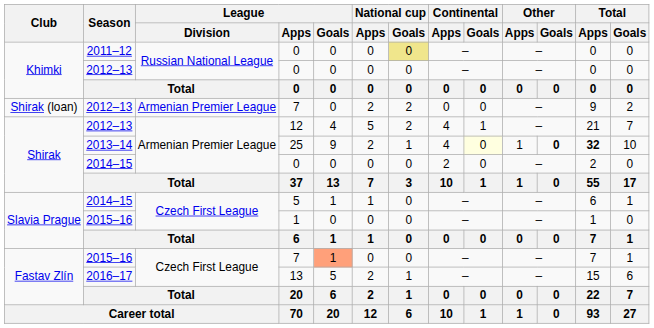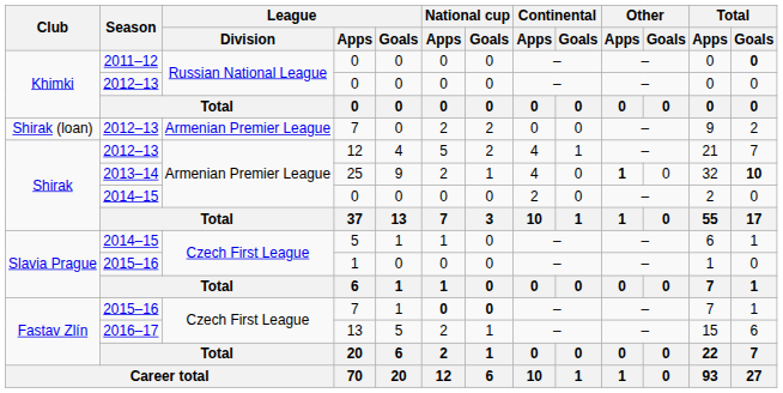 <table class="wikitable" style="text-align: center">
 <tr>
 <th rowspan="2">Club</th>
 <th rowspan="2">Season</th>
 <th colspan="3">League</th>
 <th colspan="2">National cup</th>
 <th colspan="2">Continental</th>
 <th colspan="2">Other</th>
 <th colspan="2">Total</th>
 </tr>
 <tr>
 <th>Division</th>
 <th>Apps</th>
 <th>Goals</th>
 <th>Apps</th>
 <th>Goals</th>
 <th>Apps</th>
 <th>Goals</th>
 <th>Apps</th>
 <th>Goals</th>
 <th>Apps</th>
 <th>Goals</th>
 </tr>
 <tr>
 <td rowspan="3"><a href='#'>Khimki</a></td>
 <td><a href='#'>2011–12</a></td>
 <td rowspan="2"><a href='#'>Russian National League</a></td>
 <td>0</td>
 <td>0</td>
 <td>0</td>
-<td style="background: khaki;">0</td>
+<td>0</td>
 <td colspan="2">–</td>
 <td colspan="2">–</td>
 <td>0</td>
-<td>0</td>
+<td><strong>0</strong></td>
 </tr>
 <tr>
 <td><a href='#'>2012–13</a></td>
 <td>0</td>
 <td>0</td>
 <td>0</td>
 <td>0</td>
 <td colspan="2">–</td>
 <td colspan="2">–</td>
 <td>0</td>
 <td>0</td>
 </tr>
 <tr>
 <th colspan="2">Total</th>
 <th>0</th>
 <th>0</th>
 <th>0</th>
 <th>0</th>
 <th>0</th>
 <th>0</th>
 <th>0</th>
 <th>0</th>
 <th>0</th>
 <th>0</th>
 </tr>
 <tr>
 <td><a href='#'>Shirak</a> (loan)</td>
 <td><a href='#'>2012–13</a></td>
 <td><a href='#'>Armenian Premier League</a></td>
 <td>7</td>
 <td>0</td>
 <td>2</td>
 <td>2</td>
 <td>0</td>
 <td>0</td>
 <td colspan="2">–</td>
 <td>9</td>
 <td>2</td>
 </tr>
 <tr>
 <td rowspan="4"><a href='#'>Shirak</a></td>
 <td><a href='#'>2012–13</a></td>
 <td rowspan="3">Armenian Premier League</td>
 <td>12</td>
 <td>4</td>
 <td>5</td>
 <td>2</td>
 <td>4</td>
 <td>1</td>
 <td colspan="2">–</td>
 <td>21</td>
 <td>7</td>
 </tr>
 <tr>
 <td><a href='#'>2013–14</a></td>
 <td>25</td>
 <td>9</td>
 <td>2</td>
 <td>1</td>
 <td>4</td>
-<td style="background: lightyellow;">0</td>
-<td>1</td>
-<td><strong>0</strong></td>
-<td><strong>32</strong></td>
-<td>10</td>
+<td>0</td>
+<td><strong>1</strong></td>
+<td>0</td>
+<td>32</td>
+<td><strong>10</strong></td>
 </tr>
 <tr>
 <td><a href='#'>2014–15</a></td>
 <td>0</td>
 <td>0</td>
 <td>0</td>
 <td>0</td>
 <td>2</td>
 <td>0</td>
 <td colspan="2">–</td>
 <td>2</td>
 <td>0</td>
 </tr>
 <tr>
 <th colspan="2">Total</th>
 <th>37</th>
 <th>13</th>
 <th>7</th>
 <th>3</th>
 <th>10</th>
 <th>1</th>
 <th>1</th>
 <th>0</th>
 <th>55</th>
 <th>17</th>
 </tr>
 <tr>
 <td rowspan="3"><a href='#'>Slavia Prague</a></td>
 <td><a href='#'>2014–15</a></td>
 <td rowspan="2"><a href='#'>Czech First League</a></td>
 <td>5</td>
 <td>1</td>
 <td>1</td>
 <td>0</td>
 <td colspan="2">–</td>
 <td colspan="2">–</td>
 <td>6</td>
 <td>1</td>
 </tr>
 <tr>
 <td><a href='#'>2015–16</a></td>
 <td>1</td>
 <td>0</td>
 <td>0</td>
 <td>0</td>
 <td colspan="2">–</td>
 <td colspan="2">–</td>
 <td>1</td>
 <td>0</td>
 </tr>
 <tr>
 <th colspan="2">Total</th>
 <th>6</th>
 <th>1</th>
 <th>1</th>
 <th>0</th>
 <th>0</th>
 <th>0</th>
 <th>0</th>
 <th>0</th>
 <th>7</th>
 <th>1</th>
 </tr>
 <tr>
 <td rowspan="3"><a href='#'>Fastav Zlín</a></td>
 <td><a href='#'>2015–16</a></td>
 <td rowspan="2">Czech First League</td>
 <td>7</td>
-<td style="background: lightsalmon;">1</td>
-<td>0</td>
-<td>0</td>
+<td>1</td>
+<td><strong>0</strong></td>
+<td><strong>0</strong></td>
 <td colspan="2">–</td>
 <td colspan="2">–</td>
 <td>7</td>
 <td>1</td>
 </tr>
 <tr>
 <td><a href='#'>2016–17</a></td>
 <td>13</td>
 <td>5</td>
 <td>2</td>
 <td>1</td>
 <td colspan="2">–</td>
 <td colspan="2">–</td>
 <td>15</td>
 <td>6</td>
 </tr>
 <tr>
 <th colspan="2">Total</th>
 <th>20</th>
 <th>6</th>
 <th>2</th>
 <th>1</th>
 <th>0</th>
 <th>0</th>
 <th>0</th>
 <th>0</th>
 <th>22</th>
 <th>7</th>
 </tr>
 <tr>
 <th colspan="3">Career total</th>
 <th>70</th>
 <th>20</th>
 <th>12</th>
 <th>6</th>
 <th>10</th>
 <th>1</th>
 <th>1</th>
 <th>0</th>
 <th>93</th>
 <th>27</th>
 </tr>
 </table>
